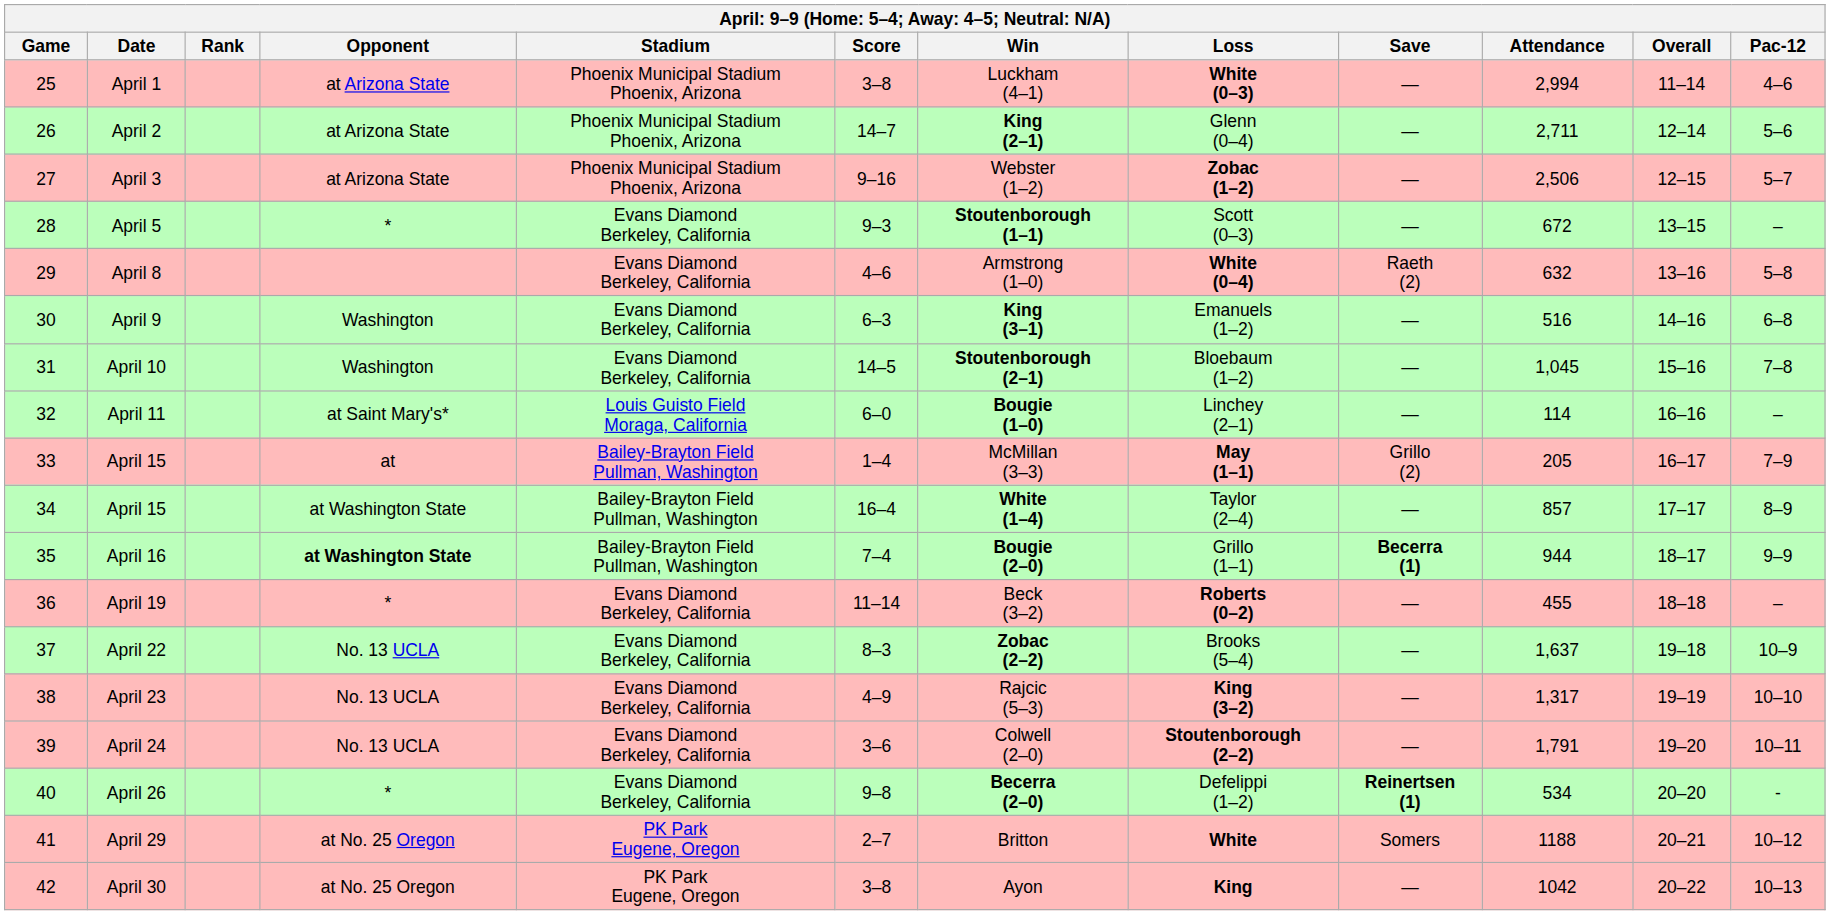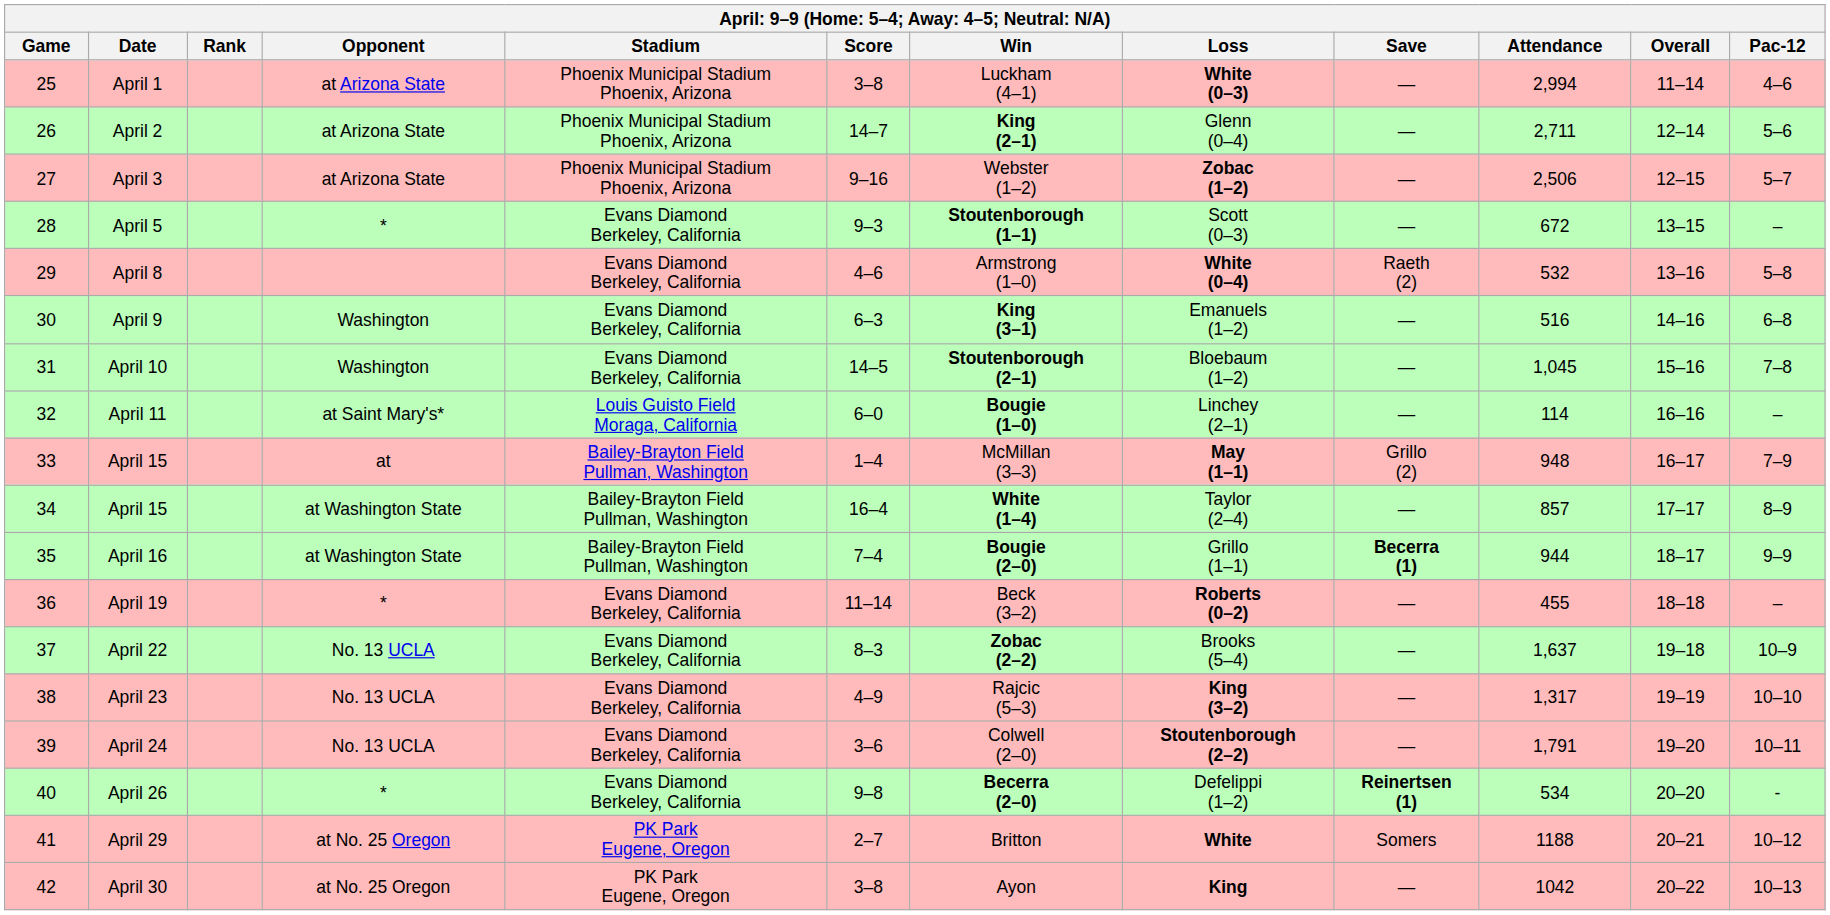 <table class="wikitable collapsible collapsed" style="margin:auto; width:100%; text-align:center; font-size:95%">
 <tr>
 <th colspan=12>April: 9–9 (Home: 5–4; Away: 4–5; Neutral: N/A)</th>
 </tr>
 <tr>
 <th>Game</th>
 <th>Date</th>
 <th>Rank</th>
 <th>Opponent</th>
 <th>Stadium</th>
 <th>Score</th>
 <th>Win</th>
 <th>Loss</th>
 <th>Save</th>
 <th>Attendance</th>
 <th>Overall</th>
 <th>Pac-12</th>
 </tr>
 <tr style="background:#fbb;">
 <td>25</td>
 <td>April 1</td>
 <td></td>
 <td>at <a href='#'>Arizona State</a></td>
 <td>Phoenix Municipal Stadium<br>Phoenix, Arizona</td>
 <td>3–8</td>
 <td>Luckham<br>(4–1)</td>
 <td><strong>White<br>(0–3)</strong></td>
 <td>—</td>
 <td>2,994</td>
 <td>11–14</td>
 <td>4–6</td>
 </tr>
 <tr style="background:#bfb;">
 <td>26</td>
 <td>April 2</td>
 <td></td>
 <td>at Arizona State</td>
 <td>Phoenix Municipal Stadium<br>Phoenix, Arizona</td>
 <td>14–7</td>
 <td><strong>King<br>(2–1)</strong></td>
 <td>Glenn<br>(0–4)</td>
 <td>—</td>
 <td>2,711</td>
 <td>12–14</td>
 <td>5–6</td>
 </tr>
 <tr style="background:#fbb;">
 <td>27</td>
 <td>April 3</td>
 <td></td>
 <td>at Arizona State</td>
 <td>Phoenix Municipal Stadium<br>Phoenix, Arizona</td>
 <td>9–16</td>
 <td>Webster<br>(1–2)</td>
 <td><strong>Zobac<br>(1–2)</strong></td>
 <td>—</td>
 <td>2,506</td>
 <td>12–15</td>
 <td>5–7</td>
 </tr>
 <tr style="background:#bfb;">
 <td>28</td>
 <td>April 5</td>
 <td></td>
 <td>*</td>
 <td>Evans Diamond<br>Berkeley, California</td>
 <td>9–3</td>
 <td><strong>Stoutenborough<br>(1–1)</strong></td>
 <td>Scott<br>(0–3)</td>
 <td>—</td>
 <td>672</td>
 <td>13–15</td>
 <td>–</td>
 </tr>
 <tr style="background:#fbb;">
 <td>29</td>
 <td>April 8</td>
 <td></td>
 <td></td>
 <td>Evans Diamond<br>Berkeley, California</td>
 <td>4–6</td>
 <td>Armstrong<br>(1–0)</td>
 <td><strong>White<br>(0–4)</strong></td>
 <td>Raeth<br>(2)</td>
-<td>632</td>
+<td>532</td>
 <td>13–16</td>
 <td>5–8</td>
 </tr>
 <tr style="background:#bfb;">
 <td>30</td>
 <td>April 9</td>
 <td></td>
 <td>Washington</td>
 <td>Evans Diamond<br>Berkeley, California</td>
 <td>6–3</td>
 <td><strong>King<br>(3–1)</strong></td>
 <td>Emanuels<br>(1–2)</td>
 <td>—</td>
 <td>516</td>
 <td>14–16</td>
 <td>6–8</td>
 </tr>
 <tr style="background:#bfb;">
 <td>31</td>
 <td>April 10</td>
 <td></td>
 <td>Washington</td>
 <td>Evans Diamond<br>Berkeley, California</td>
 <td>14–5</td>
 <td><strong>Stoutenborough<br>(2–1)</strong></td>
 <td>Bloebaum<br>(1–2)</td>
 <td>—</td>
 <td>1,045</td>
 <td>15–16</td>
 <td>7–8</td>
 </tr>
 <tr style="background:#bfb;">
 <td>32</td>
 <td>April 11</td>
 <td></td>
 <td>at Saint Mary's*</td>
 <td><a href='#'>Louis Guisto Field</a><br><a href='#'>Moraga, California</a></td>
 <td>6–0</td>
 <td><strong>Bougie<br>(1–0)</strong></td>
 <td>Linchey<br>(2–1)</td>
 <td>—</td>
 <td>114</td>
 <td>16–16</td>
 <td>–</td>
 </tr>
 <tr style="background:#fbb;">
 <td>33</td>
 <td>April 15 </td>
 <td></td>
 <td>at </td>
 <td><a href='#'>Bailey-Brayton Field</a><br><a href='#'>Pullman, Washington</a></td>
 <td>1–4</td>
 <td>McMillan<br>(3–3)</td>
 <td><strong>May<br>(1–1)</strong></td>
 <td>Grillo<br>(2)</td>
-<td>205</td>
+<td>948</td>
 <td>16–17</td>
 <td>7–9</td>
 </tr>
 <tr style="background:#bfb;">
 <td>34</td>
 <td>April 15 </td>
 <td></td>
 <td>at Washington State</td>
 <td>Bailey-Brayton Field<br>Pullman, Washington</td>
 <td>16–4</td>
 <td><strong>White<br>(1–4)</strong></td>
 <td>Taylor<br>(2–4)</td>
 <td>—</td>
 <td>857</td>
 <td>17–17</td>
 <td>8–9</td>
 </tr>
 <tr style="background:#bfb;">
 <td>35</td>
 <td>April 16</td>
 <td></td>
-<td><strong>at Washington State</strong></td>
+<td>at Washington State</td>
 <td>Bailey-Brayton Field<br>Pullman, Washington</td>
 <td>7–4</td>
 <td><strong>Bougie<br>(2–0)</strong></td>
 <td>Grillo<br>(1–1)</td>
 <td><strong>Becerra<br>(1)</strong></td>
 <td>944</td>
 <td>18–17</td>
 <td>9–9</td>
 </tr>
 <tr style="background:#fbb;">
 <td>36</td>
 <td>April 19</td>
 <td></td>
 <td>*</td>
 <td>Evans Diamond<br>Berkeley, California</td>
 <td>11–14</td>
 <td>Beck<br>(3–2)</td>
 <td><strong>Roberts<br>(0–2)</strong></td>
 <td>—</td>
 <td>455</td>
 <td>18–18</td>
 <td>–</td>
 </tr>
 <tr style="background:#bfb;">
 <td>37</td>
 <td>April 22</td>
 <td></td>
 <td>No. 13 <a href='#'>UCLA</a></td>
 <td>Evans Diamond<br>Berkeley, California</td>
 <td>8–3</td>
 <td><strong>Zobac<br>(2–2)</strong></td>
 <td>Brooks<br>(5–4)</td>
 <td>—</td>
 <td>1,637</td>
 <td>19–18</td>
 <td>10–9</td>
 </tr>
 <tr style="background:#fbb;">
 <td>38</td>
 <td>April 23</td>
 <td></td>
 <td>No. 13 UCLA</td>
 <td>Evans Diamond<br>Berkeley, California</td>
 <td>4–9</td>
 <td>Rajcic<br>(5–3)</td>
 <td><strong>King<br>(3–2)</strong></td>
 <td>—</td>
 <td>1,317</td>
 <td>19–19</td>
 <td>10–10</td>
 </tr>
 <tr style="background:#fbb;">
 <td>39</td>
 <td>April 24</td>
 <td></td>
 <td>No. 13 UCLA</td>
 <td>Evans Diamond<br>Berkeley, California</td>
 <td>3–6</td>
 <td>Colwell<br>(2–0)</td>
 <td><strong>Stoutenborough<br>(2–2)</strong></td>
 <td>—</td>
 <td>1,791</td>
 <td>19–20</td>
 <td>10–11</td>
 </tr>
 <tr style="background:#bfb;">
 <td>40</td>
 <td>April 26</td>
 <td></td>
 <td>*</td>
 <td>Evans Diamond<br>Berkeley, California</td>
 <td>9–8</td>
 <td><strong>Becerra<br>(2–0)</strong></td>
 <td>Defelippi<br>(1–2)</td>
 <td><strong>Reinertsen<br>(1)</strong></td>
 <td>534</td>
 <td>20–20</td>
 <td>-</td>
 </tr>
 <tr style="background:#fbb;">
 <td>41</td>
 <td>April 29</td>
 <td></td>
 <td>at No. 25 <a href='#'>Oregon</a></td>
 <td><a href='#'>PK Park</a><br><a href='#'>Eugene, Oregon</a></td>
 <td>2–7</td>
 <td>Britton</td>
 <td><strong>White</strong></td>
 <td>Somers</td>
 <td>1188</td>
 <td>20–21</td>
 <td>10–12</td>
 </tr>
 <tr style="background:#fbb;">
 <td>42</td>
 <td>April 30</td>
 <td></td>
 <td>at No. 25 Oregon</td>
 <td>PK Park<br>Eugene, Oregon</td>
 <td>3–8</td>
 <td>Ayon</td>
 <td><strong>King</strong></td>
 <td>—</td>
 <td>1042</td>
 <td>20–22</td>
 <td>10–13</td>
 </tr>
 </table>
